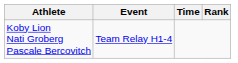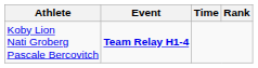 <table class=wikitable>
 <tr>
 <th>Athlete</th>
 <th>Event</th>
 <th>Time</th>
 <th>Rank</th>
 </tr>
 <tr align=center>
 <td align=left><a href='#'>Koby Lion</a><br><a href='#'>Nati Groberg</a><br><a href='#'>Pascale Bercovitch</a></td>
-<td align=left><a href='#'>Team Relay H1-4</a></td>
+<td align=left><strong><a href='#'>Team Relay H1-4</a></strong></td>
 <td colspan=2></td>
 </tr>
 </table>
